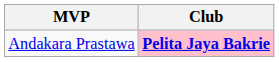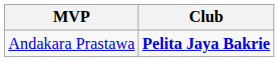 <table class="wikitable">
 <tr>
 <th>MVP</th>
 <th>Club</th>
 </tr>
 <tr>
 <td> <a href='#'>Andakara Prastawa</a></td>
-<td style="background: pink;"><strong><a href='#'>Pelita Jaya Bakrie</a></strong></td>
+<td><strong><a href='#'>Pelita Jaya Bakrie</a></strong></td>
 </tr>
 </table>
